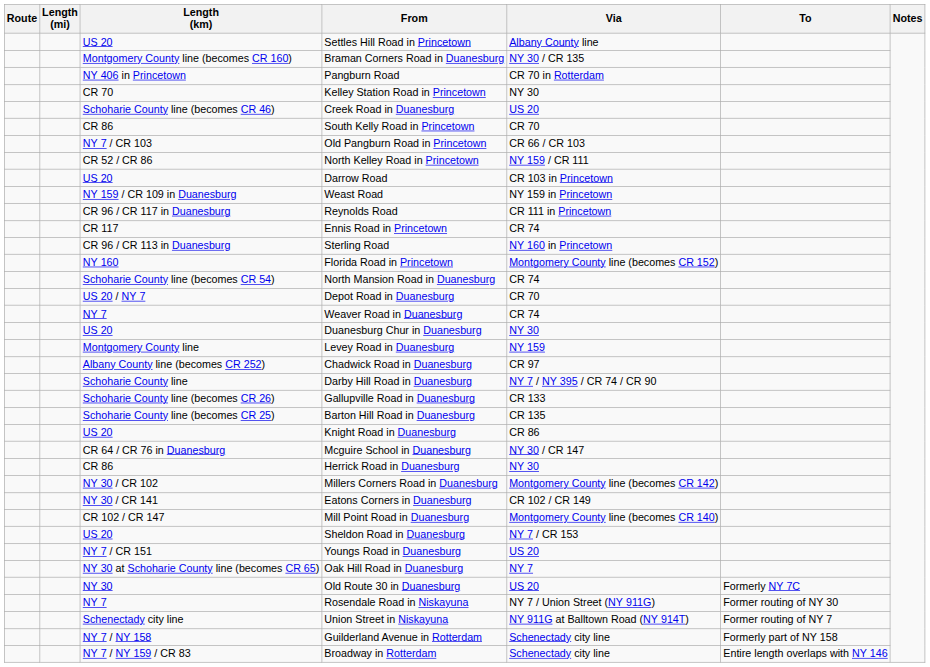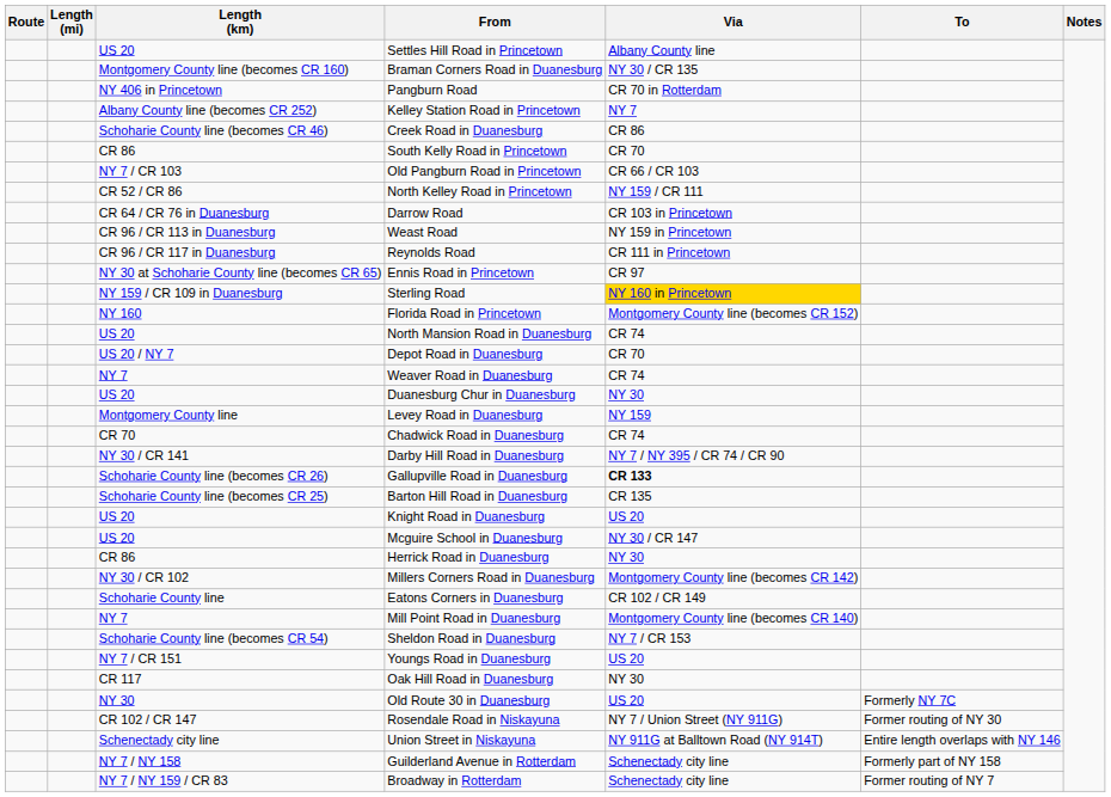 <table class="wikitable sortable">
 <tr>
 <th>Route</th>
 <th>Length<br>(mi)</th>
 <th>Length<br>(km)</th>
 <th class="unsortable">From</th>
 <th class="unsortable">Via</th>
 <th class="unsortable">To</th>
 <th class="unsortable">Notes</th>
 </tr>
 <tr>
 <td id="101"></td>
 <td></td>
 <td><a href='#'>US 20</a></td>
 <td>Settles Hill Road in <a href='#'>Princetown</a></td>
 <td><a href='#'>Albany County</a> line</td>
 <td></td>
 </tr>
 <tr>
 <td id="102"></td>
 <td></td>
 <td><a href='#'>Montgomery County</a> line (becomes <a href='#'>CR 160</a>)</td>
 <td>Braman Corners Road in <a href='#'>Duanesburg</a></td>
 <td><a href='#'>NY&nbsp;30</a> / CR 135</td>
 <td></td>
 </tr>
 <tr>
 <td id="103"></td>
 <td></td>
 <td><a href='#'>NY&nbsp;406</a> in <a href='#'>Princetown</a></td>
 <td>Pangburn Road</td>
 <td>CR 70 in <a href='#'>Rotterdam</a></td>
 <td></td>
 </tr>
 <tr>
 <td id="105"></td>
 <td></td>
-<td>CR 70</td>
+<td><a href='#'>Albany County</a> line (becomes <a href='#'>CR 252</a>)</td>
 <td>Kelley Station Road in <a href='#'>Princetown</a></td>
-<td>NY 30</td>
+<td><a href='#'>NY&nbsp;7</a></td>
 <td></td>
 </tr>
 <tr>
 <td id="106"></td>
 <td></td>
 <td><a href='#'>Schoharie County</a> line (becomes <a href='#'>CR 46</a>)</td>
 <td>Creek Road in <a href='#'>Duanesburg</a></td>
-<td><a href='#'>US 20</a></td>
+<td>CR 86</td>
 <td></td>
 </tr>
 <tr>
 <td id="107"></td>
 <td></td>
 <td>CR 86</td>
 <td>South Kelly Road in <a href='#'>Princetown</a></td>
 <td>CR 70</td>
 <td></td>
 </tr>
 <tr>
 <td id="108"></td>
 <td></td>
 <td><a href='#'>NY&nbsp;7</a> / CR 103</td>
 <td>Old Pangburn Road in <a href='#'>Princetown</a></td>
 <td>CR 66 / CR 103</td>
 <td></td>
 </tr>
 <tr>
 <td id="109"></td>
 <td></td>
 <td>CR 52 / CR 86</td>
 <td>North Kelley Road in <a href='#'>Princetown</a></td>
 <td><a href='#'>NY&nbsp;159</a> / CR 111</td>
 <td></td>
 </tr>
 <tr>
 <td id="110"></td>
 <td></td>
-<td><a href='#'>US 20</a></td>
+<td>CR 64 / CR 76 in <a href='#'>Duanesburg</a></td>
 <td>Darrow Road</td>
 <td>CR 103 in <a href='#'>Princetown</a></td>
 <td></td>
 </tr>
 <tr>
 <td id="111"></td>
 <td></td>
-<td><a href='#'>NY&nbsp;159</a> / CR 109 in <a href='#'>Duanesburg</a></td>
+<td>CR 96 / CR 113 in <a href='#'>Duanesburg</a></td>
 <td>Weast Road</td>
 <td>NY 159 in <a href='#'>Princetown</a></td>
 <td></td>
 </tr>
 <tr>
 <td id="113"></td>
 <td></td>
 <td>CR 96 / CR 117 in <a href='#'>Duanesburg</a></td>
 <td>Reynolds Road</td>
 <td>CR 111 in <a href='#'>Princetown</a></td>
 <td></td>
 </tr>
 <tr>
 <td id="115"></td>
 <td></td>
-<td>CR 117</td>
+<td><a href='#'>NY&nbsp;30</a> at <a href='#'>Schoharie County</a> line (becomes <a href='#'>CR 65</a>)</td>
 <td>Ennis Road in <a href='#'>Princetown</a></td>
-<td>CR 74</td>
+<td>CR 97</td>
 <td></td>
 </tr>
 <tr>
 <td id="117"></td>
 <td></td>
-<td>CR 96 / CR 113 in <a href='#'>Duanesburg</a></td>
+<td><a href='#'>NY&nbsp;159</a> / CR 109 in <a href='#'>Duanesburg</a></td>
 <td>Sterling Road</td>
-<td><a href='#'>NY&nbsp;160</a> in <a href='#'>Princetown</a></td>
+<td style="background: gold;"><a href='#'>NY&nbsp;160</a> in <a href='#'>Princetown</a></td>
 <td></td>
 </tr>
 <tr>
 <td id="119"></td>
 <td></td>
 <td><a href='#'>NY&nbsp;160</a></td>
 <td>Florida Road in <a href='#'>Princetown</a></td>
 <td><a href='#'>Montgomery County</a> line (becomes <a href='#'>CR 152</a>)</td>
 <td></td>
 </tr>
 <tr>
 <td id="121"></td>
 <td></td>
-<td><a href='#'>Schoharie County</a> line (becomes <a href='#'>CR 54</a>)</td>
+<td><a href='#'>US 20</a></td>
 <td>North Mansion Road in <a href='#'>Duanesburg</a></td>
 <td>CR 74</td>
 <td></td>
 </tr>
 <tr>
 <td id="123"></td>
 <td></td>
 <td><a href='#'>US 20</a> / <a href='#'>NY&nbsp;7</a></td>
 <td>Depot Road in <a href='#'>Duanesburg</a></td>
 <td>CR 70</td>
 <td></td>
 </tr>
 <tr>
 <td id="125"></td>
 <td></td>
 <td><a href='#'>NY&nbsp;7</a></td>
 <td>Weaver Road in <a href='#'>Duanesburg</a></td>
 <td>CR 74</td>
 <td></td>
 </tr>
 <tr>
 <td id="127"></td>
 <td></td>
 <td><a href='#'>US 20</a></td>
 <td>Duanesburg Chur in <a href='#'>Duanesburg</a></td>
 <td><a href='#'>NY&nbsp;30</a></td>
 <td></td>
 </tr>
 <tr>
 <td id="129"></td>
 <td></td>
 <td><a href='#'>Montgomery County</a> line</td>
 <td>Levey Road in <a href='#'>Duanesburg</a></td>
 <td><a href='#'>NY&nbsp;159</a></td>
 <td></td>
 </tr>
 <tr>
 <td id="131"></td>
 <td></td>
-<td><a href='#'>Albany County</a> line (becomes <a href='#'>CR 252</a>)</td>
+<td>CR 70</td>
 <td>Chadwick Road in <a href='#'>Duanesburg</a></td>
-<td>CR 97</td>
+<td>CR 74</td>
 <td></td>
 </tr>
 <tr>
 <td id="133"></td>
 <td></td>
-<td><a href='#'>Schoharie County</a> line</td>
+<td><a href='#'>NY&nbsp;30</a> / CR 141</td>
 <td>Darby Hill Road in <a href='#'>Duanesburg</a></td>
 <td><a href='#'>NY&nbsp;7</a> / <a href='#'>NY&nbsp;395</a> / CR 74 / CR 90</td>
 <td></td>
 </tr>
 <tr>
 <td id="135"></td>
 <td></td>
 <td><a href='#'>Schoharie County</a> line (becomes <a href='#'>CR 26</a>)</td>
 <td>Gallupville Road in <a href='#'>Duanesburg</a></td>
-<td>CR 133</td>
+<td><strong>CR 133</strong></td>
 <td></td>
 </tr>
 <tr>
 <td id="137"></td>
 <td></td>
 <td><a href='#'>Schoharie County</a> line (becomes <a href='#'>CR 25</a>)</td>
 <td>Barton Hill Road in <a href='#'>Duanesburg</a></td>
 <td>CR 135</td>
 <td></td>
 </tr>
 <tr>
 <td id="139"></td>
 <td></td>
 <td><a href='#'>US 20</a></td>
 <td>Knight Road in <a href='#'>Duanesburg</a></td>
-<td>CR 86</td>
+<td><a href='#'>US 20</a></td>
 <td></td>
 </tr>
 <tr>
 <td id="141"></td>
 <td></td>
-<td>CR 64 / CR 76 in <a href='#'>Duanesburg</a></td>
+<td><a href='#'>US 20</a></td>
 <td>Mcguire School in <a href='#'>Duanesburg</a></td>
 <td><a href='#'>NY&nbsp;30</a> / CR 147</td>
 <td></td>
 </tr>
 <tr>
 <td id="143"></td>
 <td></td>
 <td>CR 86</td>
 <td>Herrick Road in <a href='#'>Duanesburg</a></td>
 <td><a href='#'>NY&nbsp;30</a></td>
 <td></td>
 </tr>
 <tr>
 <td id="145"></td>
 <td></td>
 <td><a href='#'>NY&nbsp;30</a> / CR 102</td>
 <td>Millers Corners Road in <a href='#'>Duanesburg</a></td>
 <td><a href='#'>Montgomery County</a> line (becomes <a href='#'>CR 142</a>)</td>
 <td></td>
 </tr>
 <tr>
 <td id="147"></td>
 <td></td>
-<td><a href='#'>NY&nbsp;30</a> / CR 141</td>
+<td><a href='#'>Schoharie County</a> line</td>
 <td>Eatons Corners in <a href='#'>Duanesburg</a></td>
 <td>CR 102 / CR 149</td>
 <td></td>
 </tr>
 <tr>
 <td id="149"></td>
 <td></td>
-<td>CR 102 / CR 147</td>
+<td><a href='#'>NY&nbsp;7</a></td>
 <td>Mill Point Road in <a href='#'>Duanesburg</a></td>
 <td><a href='#'>Montgomery County</a> line (becomes <a href='#'>CR 140</a>)</td>
 <td></td>
 </tr>
 <tr>
 <td id="151"></td>
 <td></td>
-<td><a href='#'>US 20</a></td>
+<td><a href='#'>Schoharie County</a> line (becomes <a href='#'>CR 54</a>)</td>
 <td>Sheldon Road in <a href='#'>Duanesburg</a></td>
 <td><a href='#'>NY&nbsp;7</a> / CR 153</td>
 <td></td>
 </tr>
 <tr>
 <td id="153"></td>
 <td></td>
 <td><a href='#'>NY&nbsp;7</a> / CR 151</td>
 <td>Youngs Road in <a href='#'>Duanesburg</a></td>
 <td><a href='#'>US 20</a></td>
 <td></td>
 </tr>
 <tr>
 <td id="155"></td>
 <td></td>
-<td><a href='#'>NY&nbsp;30</a> at <a href='#'>Schoharie County</a> line (becomes <a href='#'>CR 65</a>)</td>
+<td>CR 117</td>
 <td>Oak Hill Road in <a href='#'>Duanesburg</a></td>
-<td><a href='#'>NY&nbsp;7</a></td>
+<td>NY 30</td>
 <td></td>
 </tr>
 <tr>
 <td id="157"></td>
 <td></td>
 <td><a href='#'>NY&nbsp;30</a></td>
 <td>Old Route 30 in <a href='#'>Duanesburg</a></td>
 <td><a href='#'>US 20</a></td>
 <td>Formerly <a href='#'>NY&nbsp;7C</a></td>
 </tr>
 <tr>
 <td id="158"></td>
 <td></td>
-<td><a href='#'>NY&nbsp;7</a></td>
+<td>CR 102 / CR 147</td>
 <td>Rosendale Road in <a href='#'>Niskayuna</a></td>
 <td>NY 7 / Union Street (<a href='#'>NY&nbsp;911G</a>)</td>
 <td>Former routing of NY 30</td>
 </tr>
 <tr>
 <td id="159"></td>
 <td></td>
 <td><a href='#'>Schenectady</a> city line</td>
 <td>Union Street in <a href='#'>Niskayuna</a></td>
 <td><a href='#'>NY&nbsp;911G</a> at Balltown Road (<a href='#'>NY&nbsp;914T</a>)</td>
-<td>Former routing of NY 7</td>
+<td>Entire length overlaps with <a href='#'>NY&nbsp;146</a></td>
 </tr>
 <tr>
 <td id="160"></td>
 <td></td>
 <td><a href='#'>NY&nbsp;7</a> / <a href='#'>NY&nbsp;158</a></td>
 <td>Guilderland Avenue in <a href='#'>Rotterdam</a></td>
 <td><a href='#'>Schenectady</a> city line</td>
 <td>Formerly part of NY 158</td>
 </tr>
 <tr>
 <td id="161"></td>
 <td></td>
 <td><a href='#'>NY&nbsp;7</a> / <a href='#'>NY&nbsp;159</a> / CR 83</td>
 <td>Broadway in <a href='#'>Rotterdam</a></td>
 <td><a href='#'>Schenectady</a> city line</td>
-<td>Entire length overlaps with <a href='#'>NY&nbsp;146</a></td>
+<td>Former routing of NY 7</td>
 </tr>
 </table>
